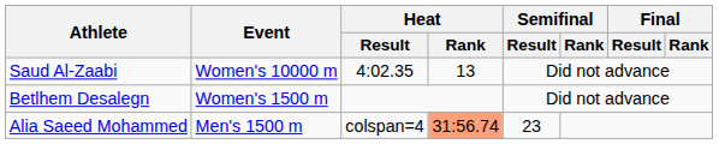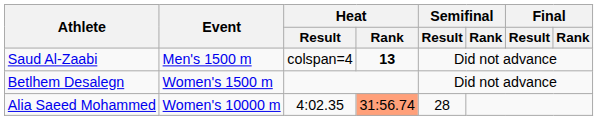 <table class="wikitable" style="font-size:90%">
 <tr>
 <th rowspan="2">Athlete</th>
 <th rowspan="2">Event</th>
 <th colspan="2">Heat</th>
 <th colspan="2">Semifinal</th>
 <th colspan="2">Final</th>
 </tr>
 <tr style="font-size:95%">
 <th>Result</th>
 <th>Rank</th>
 <th>Result</th>
 <th>Rank</th>
 <th>Result</th>
 <th>Rank</th>
 </tr>
 <tr align=center>
 <td align=left><a href='#'>Saud Al-Zaabi</a></td>
-<td align=left><a href='#'>Women's 10000 m</a></td>
-<td>4:02.35</td>
-<td>13</td>
+<td align=left><a href='#'>Men's 1500 m</a></td>
+<td>colspan=4 </td>
+<td><strong>13</strong></td>
 <td colspan=4>Did not advance</td>
 </tr>
 <tr align=center>
 <td align=left><a href='#'>Betlhem Desalegn</a></td>
 <td align=left><a href='#'>Women's 1500 m</a></td>
 <td colspan=2></td>
 <td colspan=4>Did not advance</td>
 </tr>
 <tr align=center>
 <td align=left><a href='#'>Alia Saeed Mohammed</a></td>
-<td align=left><a href='#'>Men's 1500 m</a></td>
-<td>colspan=4 </td>
+<td align=left><a href='#'>Women's 10000 m</a></td>
+<td>4:02.35</td>
 <td style="background: lightsalmon;">31:56.74</td>
-<td>23</td>
+<td>28</td>
 </tr>
 </table>
